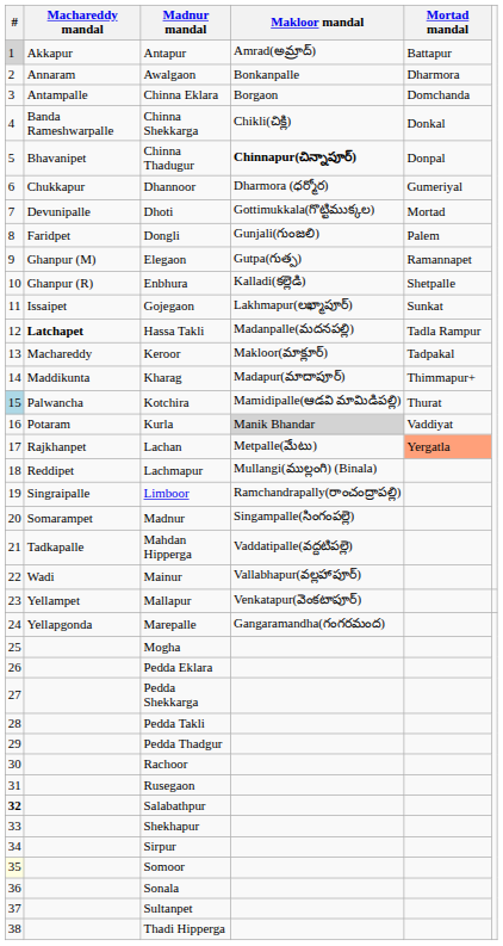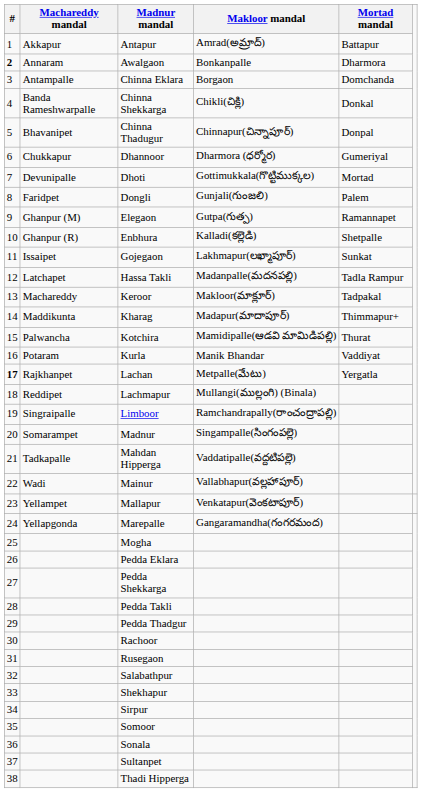 <table class="wikitable">
 <tr>
 <th>#</th>
 <th><a href='#'>Machareddy</a> mandal</th>
 <th><a href='#'>Madnur</a> mandal</th>
 <th><a href='#'>Makloor</a> mandal</th>
 <th><a href='#'>Mortad</a> mandal</th>
 </tr>
 <tr>
-<td style="background: lightgrey;">1</td>
+<td>1</td>
 <td>Akkapur</td>
 <td>Antapur</td>
 <td>Amrad(అమ్రాద్)</td>
 <td>Battapur</td>
 </tr>
 <tr>
-<td>2</td>
+<td><strong>2</strong></td>
 <td>Annaram</td>
 <td>Awalgaon</td>
 <td>Bonkanpalle</td>
 <td>Dharmora</td>
 </tr>
 <tr>
 <td>3</td>
 <td>Antampalle</td>
 <td>Chinna Eklara</td>
 <td>Borgaon</td>
 <td>Domchanda</td>
 </tr>
 <tr>
 <td>4</td>
 <td>Banda Rameshwarpalle</td>
 <td>Chinna Shekkarga</td>
 <td>Chikli(చిక్లి)</td>
 <td>Donkal</td>
 </tr>
 <tr>
 <td>5</td>
 <td>Bhavanipet</td>
 <td>Chinna Thadugur</td>
-<td><strong>Chinnapur(చిన్నాపూర్)</strong></td>
+<td>Chinnapur(చిన్నాపూర్)</td>
 <td>Donpal</td>
 </tr>
 <tr>
 <td>6</td>
 <td>Chukkapur</td>
 <td>Dhannoor</td>
 <td>Dharmora (ధర్మోర)</td>
 <td>Gumeriyal</td>
 </tr>
 <tr>
 <td>7</td>
 <td>Devunipalle</td>
 <td>Dhoti</td>
 <td>Gottimukkala(గొట్టిముక్కల)</td>
 <td>Mortad</td>
 </tr>
 <tr>
 <td>8</td>
 <td>Faridpet</td>
 <td>Dongli</td>
 <td>Gunjali(గుంజలి)</td>
 <td>Palem</td>
 </tr>
 <tr>
 <td>9</td>
 <td>Ghanpur (M)</td>
 <td>Elegaon</td>
 <td>Gutpa(గుత్ప)</td>
 <td>Ramannapet</td>
 </tr>
 <tr>
 <td>10</td>
 <td>Ghanpur (R)</td>
 <td>Enbhura</td>
 <td>Kalladi(కల్లెడి)</td>
 <td>Shetpalle</td>
 </tr>
 <tr>
 <td>11</td>
 <td>Issaipet</td>
 <td>Gojegaon</td>
 <td>Lakhmapur(లఖ్మాపూర్)</td>
 <td>Sunkat</td>
 </tr>
 <tr>
 <td>12</td>
-<td><strong>Latchapet</strong></td>
+<td>Latchapet</td>
 <td>Hassa Takli</td>
 <td>Madanpalle(మదనపల్లి)</td>
 <td>Tadla Rampur</td>
 </tr>
 <tr>
 <td>13</td>
 <td>Machareddy</td>
 <td>Keroor</td>
 <td>Makloor(మాక్లూర్)</td>
 <td>Tadpakal</td>
 </tr>
 <tr>
 <td>14</td>
 <td>Maddikunta</td>
 <td>Kharag</td>
 <td>Madapur(మాదాపూర్)</td>
 <td>Thimmapur+</td>
 </tr>
 <tr>
-<td style="background: lightblue;">15</td>
+<td>15</td>
 <td>Palwancha</td>
 <td>Kotchira</td>
 <td>Mamidipalle(ఆడవి మామిడిపల్లి)</td>
 <td>Thurat</td>
 </tr>
 <tr>
 <td>16</td>
 <td>Potaram</td>
 <td>Kurla</td>
-<td style="background: lightgrey;">Manik Bhandar</td>
+<td>Manik Bhandar</td>
 <td>Vaddiyat</td>
 </tr>
 <tr>
-<td>17</td>
+<td><strong>17</strong></td>
 <td>Rajkhanpet</td>
 <td>Lachan</td>
 <td>Metpalle(మేటు)</td>
-<td style="background: lightsalmon;">Yergatla</td>
+<td>Yergatla</td>
 </tr>
 <tr>
 <td>18</td>
 <td>Reddipet</td>
 <td>Lachmapur</td>
 <td>Mullangi(ముల్లంగి) (Binala)</td>
 <td></td>
 </tr>
 <tr>
 <td>19</td>
 <td>Singraipalle</td>
 <td><a href='#'>Limboor</a></td>
 <td>Ramchandrapally(రాంచంద్రాపల్లి)</td>
 <td></td>
 </tr>
 <tr>
 <td>20</td>
 <td>Somarampet</td>
 <td>Madnur</td>
 <td>Singampalle(సింగంపల్లె)</td>
 <td></td>
 </tr>
 <tr>
 <td>21</td>
 <td>Tadkapalle</td>
 <td>Mahdan Hipperga</td>
 <td>Vaddatipalle(వద్దటిపల్లె)</td>
 <td></td>
 </tr>
 <tr>
 <td>22</td>
 <td>Wadi</td>
 <td>Mainur</td>
 <td>Vallabhapur(వల్లహాపూర్)</td>
 <td></td>
 </tr>
 <tr>
 <td>23</td>
 <td>Yellampet</td>
 <td>Mallapur</td>
 <td>Venkatapur(వెంకటాపూర్)</td>
 <td></td>
 <td></td>
 </tr>
 <tr>
 <td>24</td>
 <td>Yellapgonda</td>
 <td>Marepalle</td>
 <td>Gangaramandha(గంగరమంద)</td>
 <td></td>
 </tr>
 <tr>
 <td>25</td>
 <td></td>
 <td>Mogha</td>
 <td></td>
 <td></td>
 </tr>
 <tr>
 <td>26</td>
 <td></td>
 <td>Pedda Eklara</td>
 <td></td>
 <td></td>
 </tr>
 <tr>
 <td>27</td>
 <td></td>
 <td>Pedda Shekkarga</td>
 <td></td>
 <td></td>
 </tr>
 <tr>
 <td>28</td>
 <td></td>
 <td>Pedda Takli</td>
 <td></td>
 <td></td>
 </tr>
 <tr>
 <td>29</td>
 <td></td>
 <td>Pedda Thadgur</td>
 <td></td>
 <td></td>
 </tr>
 <tr>
 <td>30</td>
 <td></td>
 <td>Rachoor</td>
 <td></td>
 <td></td>
 </tr>
 <tr>
 <td>31</td>
 <td></td>
 <td>Rusegaon</td>
 <td></td>
 <td></td>
 </tr>
 <tr>
-<td><strong>32</strong></td>
+<td>32</td>
 <td></td>
 <td>Salabathpur</td>
 <td></td>
 <td></td>
 </tr>
 <tr>
 <td>33</td>
 <td></td>
 <td>Shekhapur</td>
 <td></td>
 <td></td>
 </tr>
 <tr>
 <td>34</td>
 <td></td>
 <td>Sirpur</td>
 <td></td>
 <td></td>
 </tr>
 <tr>
-<td style="background: lightyellow;">35</td>
+<td>35</td>
 <td></td>
 <td>Somoor</td>
 <td></td>
 <td></td>
 </tr>
 <tr>
 <td>36</td>
 <td></td>
 <td>Sonala</td>
 <td></td>
 <td></td>
 </tr>
 <tr>
 <td>37</td>
 <td></td>
 <td>Sultanpet</td>
 <td></td>
 <td></td>
 </tr>
 <tr>
 <td>38</td>
 <td></td>
 <td>Thadi Hipperga</td>
 <td></td>
 <td></td>
 </tr>
 </table>
